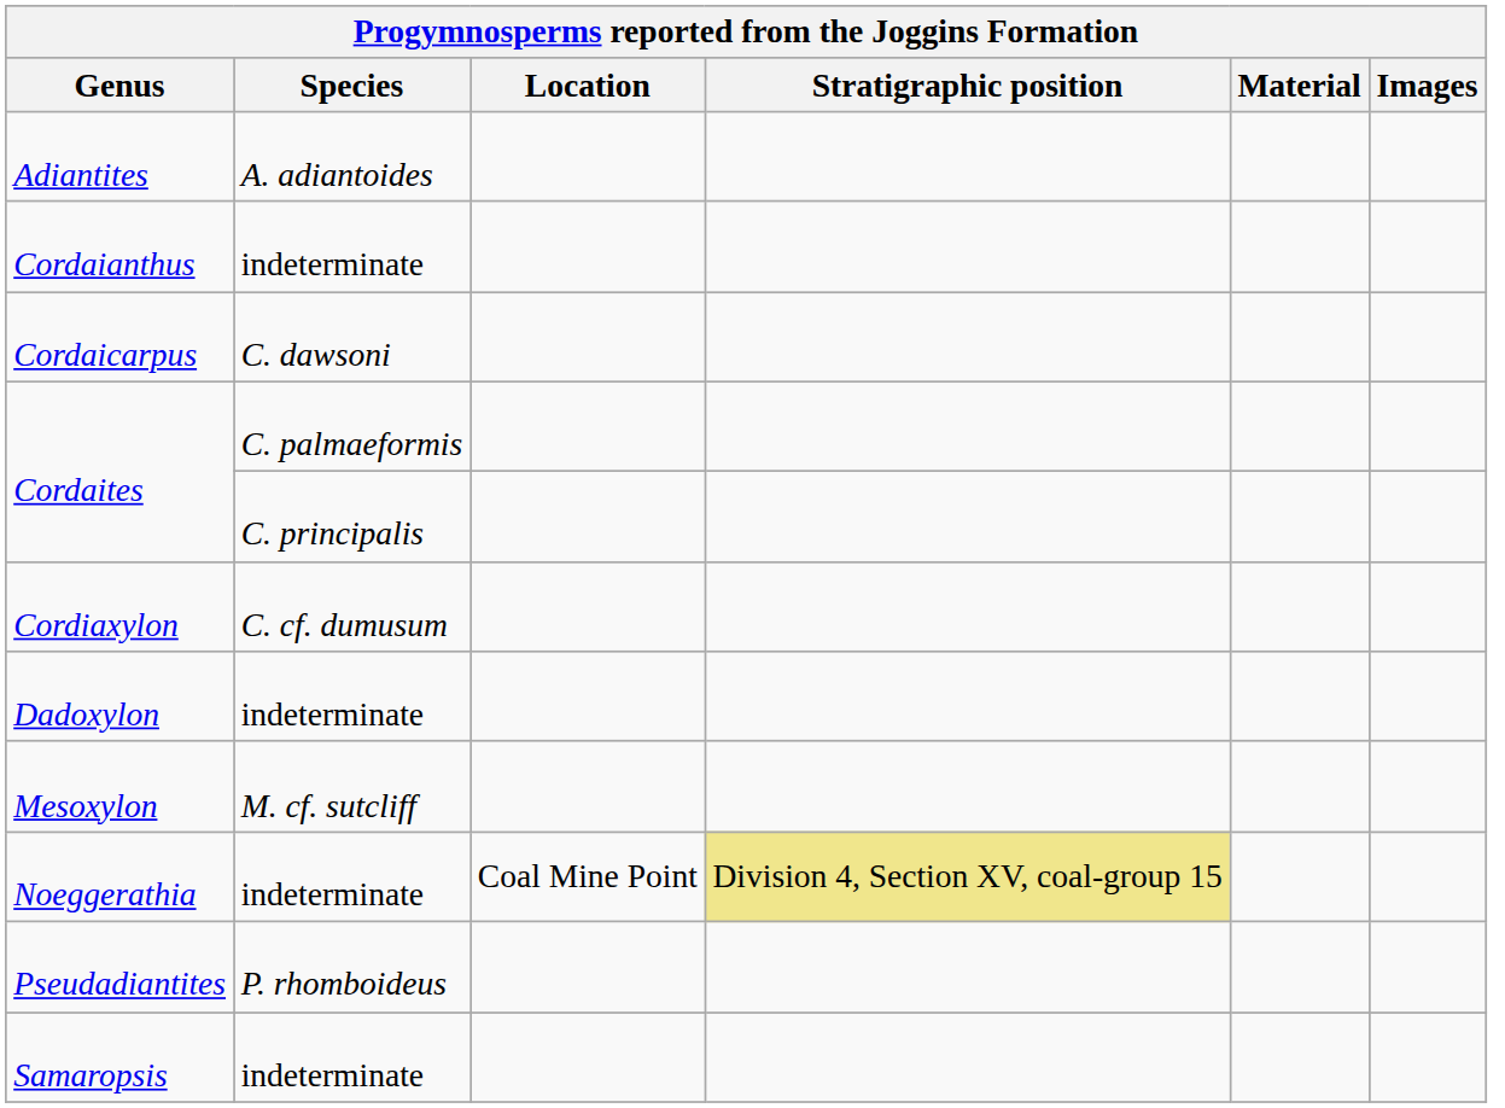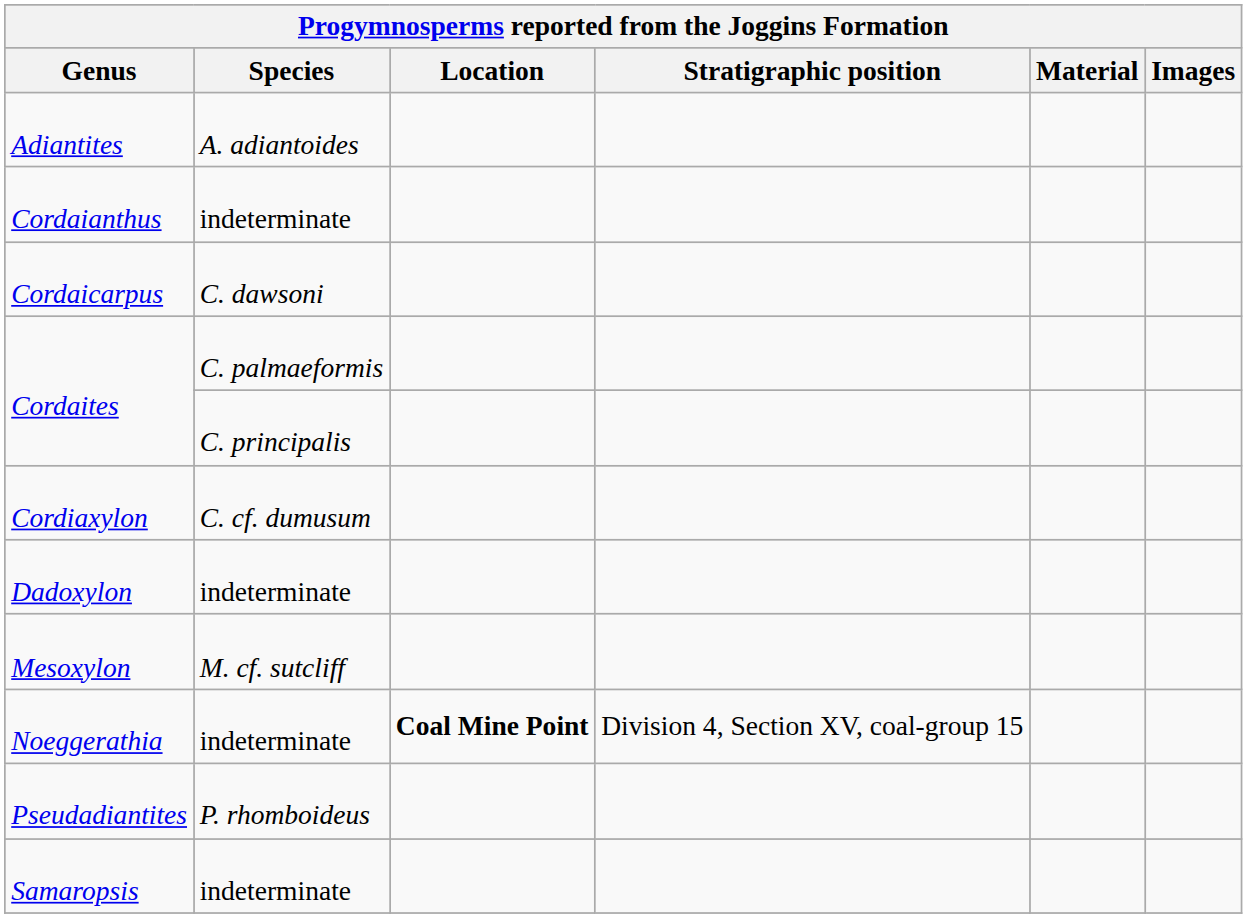 <table class="wikitable sortable mw-collapsible">
 <tr>
 <th colspan="7" style="text-align:center;"><strong><a href='#'>Progymnosperms</a> reported from the Joggins Formation</strong></th>
 </tr>
 <tr>
 <th>Genus</th>
 <th>Species</th>
 <th>Location</th>
 <th>Stratigraphic position</th>
 <th>Material</th>
 <th>Images</th>
 </tr>
 <tr>
 <td rowspan="1"><br><em><a href='#'>Adiantites</a></em></td>
 <td><br><em>A. adiantoides</em></td>
 <td></td>
 <td></td>
 <td></td>
 <td></td>
 </tr>
 <tr>
 <td rowspan="1"><br><em><a href='#'>Cordaianthus</a></em></td>
 <td><br>indeterminate</td>
 <td></td>
 <td></td>
 <td></td>
 <td></td>
 </tr>
 <tr>
 <td rowspan="1"><br><em><a href='#'>Cordaicarpus</a></em></td>
 <td><br><em>C. dawsoni</em></td>
 <td></td>
 <td></td>
 <td></td>
 <td></td>
 </tr>
 <tr>
 <td rowspan="2"><br><em><a href='#'>Cordaites</a></em></td>
 <td><br><em>C. palmaeformis</em></td>
 <td></td>
 <td></td>
 <td></td>
 <td></td>
 </tr>
 <tr>
 <td><br><em>C. principalis</em></td>
 <td></td>
 <td></td>
 <td></td>
 <td></td>
 </tr>
 <tr>
 <td rowspan="1"><br><em><a href='#'>Cordiaxylon</a></em></td>
 <td><br><em>C. cf. dumusum</em></td>
 <td></td>
 <td></td>
 <td></td>
 <td></td>
 </tr>
 <tr>
 <td rowspan="1"><br><em><a href='#'>Dadoxylon</a></em></td>
 <td><br>indeterminate</td>
 <td></td>
 <td></td>
 <td></td>
 <td></td>
 </tr>
 <tr>
 <td rowspan="1"><br><em><a href='#'>Mesoxylon</a></em></td>
 <td><br><em>M. cf. sutcliff</em></td>
 <td></td>
 <td></td>
 <td></td>
 <td></td>
 </tr>
 <tr>
 <td rowspan="1"><br><em><a href='#'>Noeggerathia</a></em></td>
 <td><br>indeterminate</td>
-<td>Coal Mine Point</td>
-<td style="background: khaki;">Division 4, Section XV, coal-group 15</td>
+<td><strong>Coal Mine Point</strong></td>
+<td>Division 4, Section XV, coal-group 15</td>
 <td></td>
 <td></td>
 </tr>
 <tr>
 <td rowspan="1"><br><em><a href='#'>Pseudadiantites</a></em></td>
 <td><br><em>P. rhomboideus</em></td>
 <td></td>
 <td></td>
 <td></td>
 <td></td>
 </tr>
 <tr>
 <td rowspan="1"><br><em><a href='#'>Samaropsis</a></em></td>
 <td><br>indeterminate</td>
 <td></td>
 <td></td>
 <td></td>
 <td></td>
 </tr>
 </table>
